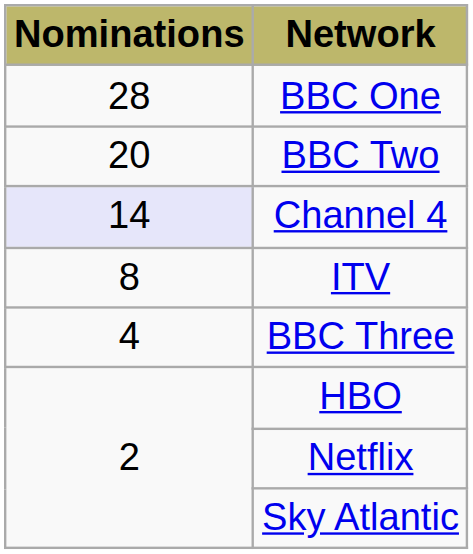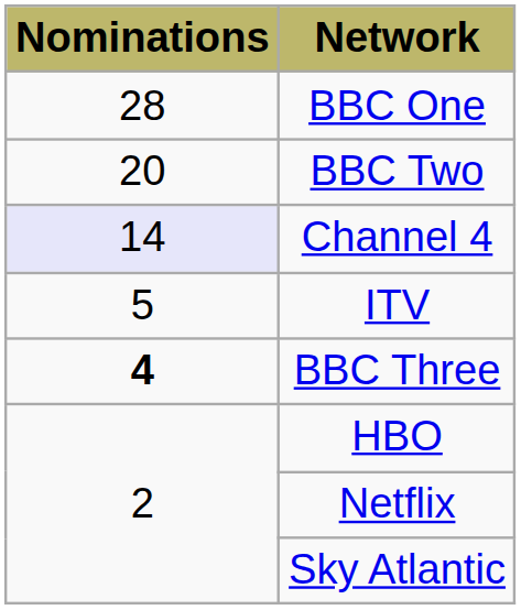 <table class="wikitable" style="text-align:center;">
 <tr>
 <th style="background:#BDB76B;">Nominations</th>
 <th style="background:#BDB76B;">Network</th>
 </tr>
 <tr>
 <td>28</td>
 <td><a href='#'>BBC One</a></td>
 </tr>
 <tr>
 <td>20</td>
 <td><a href='#'>BBC Two</a></td>
 </tr>
 <tr>
 <td style="background: lavender;">14</td>
 <td><a href='#'>Channel 4</a></td>
 </tr>
 <tr>
-<td>8</td>
+<td>5</td>
 <td><a href='#'>ITV</a></td>
 </tr>
 <tr>
-<td>4</td>
+<td><strong>4</strong></td>
 <td><a href='#'>BBC Three</a></td>
 </tr>
 <tr>
 <td rowspan="8">2</td>
 <td><a href='#'>HBO</a></td>
 </tr>
 <tr>
 <td><a href='#'>Netflix</a></td>
 </tr>
 <tr>
 <td><a href='#'>Sky Atlantic</a></td>
 </tr>
 </table>
